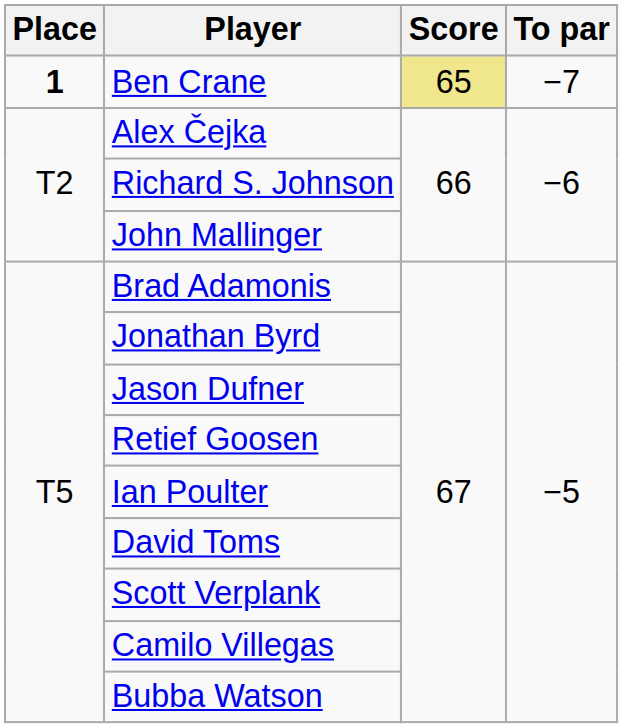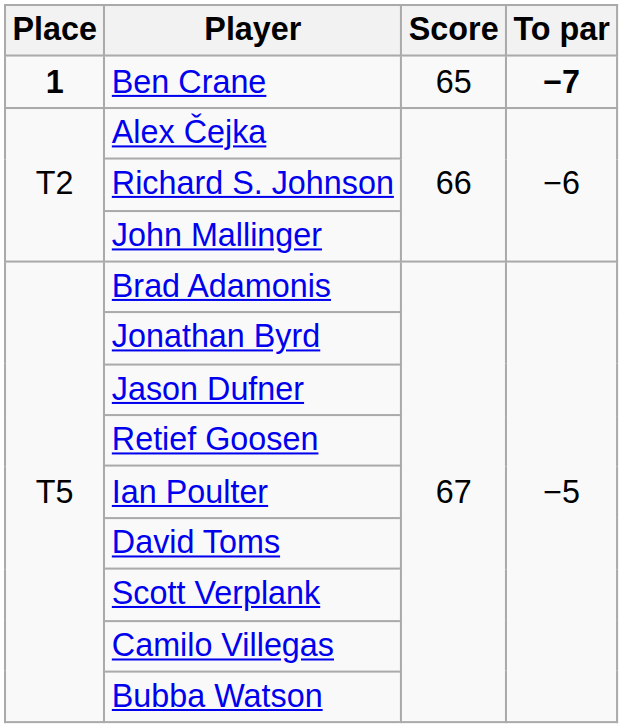 <table class="wikitable">
 <tr>
 <th>Place</th>
 <th>Player</th>
 <th>Score</th>
 <th>To par</th>
 </tr>
 <tr>
 <td align="center"><strong>1</strong></td>
 <td> <a href='#'>Ben Crane</a></td>
-<td align=center style="background: khaki;">65</td>
-<td align=center>−7</td>
+<td align=center>65</td>
+<td align=center><strong>−7</strong></td>
 </tr>
 <tr>
 <td align="center" rowspan="3">T2</td>
 <td> <a href='#'>Alex Čejka</a></td>
 <td rowspan="3" align=center>66</td>
 <td rowspan="3" align=center>−6</td>
 </tr>
 <tr>
 <td> <a href='#'>Richard S. Johnson</a></td>
 </tr>
 <tr>
 <td> <a href='#'>John Mallinger</a></td>
 </tr>
 <tr>
 <td align="center" rowspan="9">T5</td>
 <td> <a href='#'>Brad Adamonis</a></td>
 <td rowspan="9" align=center>67</td>
 <td rowspan="9" align=center>−5</td>
 </tr>
 <tr>
 <td> <a href='#'>Jonathan Byrd</a></td>
 </tr>
 <tr>
 <td> <a href='#'>Jason Dufner</a></td>
 </tr>
 <tr>
 <td> <a href='#'>Retief Goosen</a></td>
 </tr>
 <tr>
 <td> <a href='#'>Ian Poulter</a></td>
 </tr>
 <tr>
 <td> <a href='#'>David Toms</a></td>
 </tr>
 <tr>
 <td> <a href='#'>Scott Verplank</a></td>
 </tr>
 <tr>
 <td> <a href='#'>Camilo Villegas</a></td>
 </tr>
 <tr>
 <td> <a href='#'>Bubba Watson</a></td>
 </tr>
 </table>
